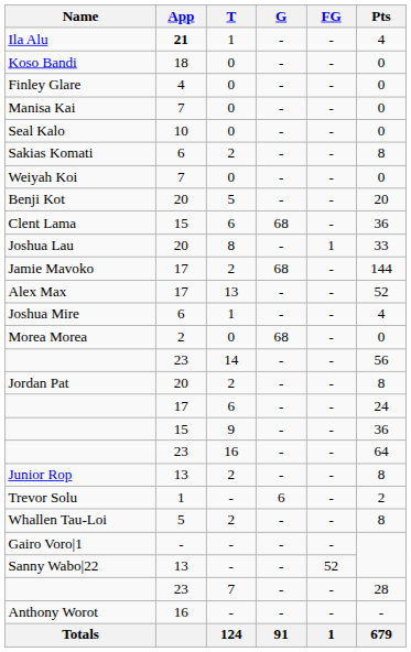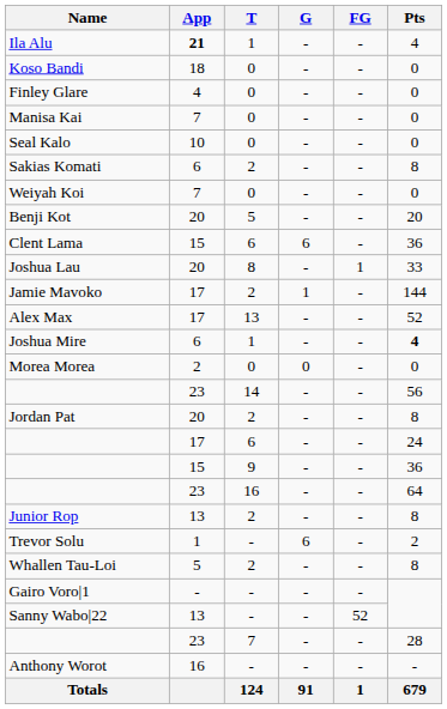 <table class="wikitable sortable" style="text-align: center;">
 <tr>
 <th style="width:10em">Name</th>
 <th style="width:3em"><a href='#'>App</a></th>
 <th style="width:3em"><a href='#'>T</a></th>
 <th style="width:3em"><a href='#'>G</a></th>
 <th style="width:3em"><a href='#'>FG</a></th>
 <th style="width:3em">Pts</th>
 </tr>
 <tr>
 <td style="text-align:left;"><a href='#'>Ila Alu</a></td>
 <td><strong>21</strong></td>
 <td>1</td>
 <td>-</td>
 <td>-</td>
 <td>4</td>
 </tr>
 <tr>
 <td style="text-align:left;"><a href='#'>Koso Bandi</a></td>
 <td>18</td>
 <td>0</td>
 <td>-</td>
 <td>-</td>
 <td>0</td>
 </tr>
 <tr>
 <td style="text-align:left;">Finley Glare</td>
 <td>4</td>
 <td>0</td>
 <td>-</td>
 <td>-</td>
 <td>0</td>
 </tr>
 <tr>
 <td style="text-align:left;">Manisa Kai</td>
 <td>7</td>
 <td>0</td>
 <td>-</td>
 <td>-</td>
 <td>0</td>
 </tr>
 <tr>
 <td style="text-align:left;">Seal Kalo</td>
 <td>10</td>
 <td>0</td>
 <td>-</td>
 <td>-</td>
 <td>0</td>
 </tr>
 <tr>
 <td style="text-align:left;">Sakias Komati</td>
 <td>6</td>
 <td>2</td>
 <td>-</td>
 <td>-</td>
 <td>8</td>
 </tr>
 <tr>
 <td style="text-align:left;">Weiyah Koi</td>
 <td>7</td>
 <td>0</td>
 <td>-</td>
 <td>-</td>
 <td>0</td>
 </tr>
 <tr>
 <td style="text-align:left;">Benji Kot</td>
 <td>20</td>
 <td>5</td>
 <td>-</td>
 <td>-</td>
 <td>20</td>
 </tr>
 <tr>
 <td style="text-align:left;">Clent Lama</td>
 <td>15</td>
 <td>6</td>
-<td>68</td>
+<td>6</td>
 <td>-</td>
 <td>36</td>
 </tr>
 <tr>
 <td style="text-align:left;">Joshua Lau</td>
 <td>20</td>
 <td>8</td>
 <td>-</td>
 <td>1</td>
 <td>33</td>
 </tr>
 <tr>
 <td style="text-align:left;">Jamie Mavoko</td>
 <td>17</td>
 <td>2</td>
-<td>68</td>
+<td>1</td>
 <td>-</td>
 <td>144</td>
 </tr>
 <tr>
 <td style="text-align:left;">Alex Max</td>
 <td>17</td>
 <td>13</td>
 <td>-</td>
 <td>-</td>
 <td>52</td>
 </tr>
 <tr>
 <td style="text-align:left;">Joshua Mire</td>
 <td>6</td>
 <td>1</td>
 <td>-</td>
 <td>-</td>
-<td>4</td>
+<td><strong>4</strong></td>
 </tr>
 <tr>
 <td style="text-align:left;">Morea Morea</td>
 <td>2</td>
 <td>0</td>
-<td>68</td>
+<td>0</td>
 <td>-</td>
 <td>0</td>
 </tr>
 <tr>
 <td style="text-align:left;"></td>
 <td>23</td>
 <td>14</td>
 <td>-</td>
 <td>-</td>
 <td>56</td>
 </tr>
 <tr>
 <td style="text-align:left;">Jordan Pat</td>
 <td>20</td>
 <td>2</td>
 <td>-</td>
 <td>-</td>
 <td>8</td>
 </tr>
 <tr>
 <td style="text-align:left;"></td>
 <td>17</td>
 <td>6</td>
 <td>-</td>
 <td>-</td>
 <td>24</td>
 </tr>
 <tr>
 <td style="text-align:left;"></td>
 <td>15</td>
 <td>9</td>
 <td>-</td>
 <td>-</td>
 <td>36</td>
 </tr>
 <tr>
 <td style="text-align:left;"></td>
 <td>23</td>
 <td>16</td>
 <td>-</td>
 <td>-</td>
 <td>64</td>
 </tr>
 <tr>
 <td style="text-align:left;"><a href='#'>Junior Rop</a></td>
 <td>13</td>
 <td>2</td>
 <td>-</td>
 <td>-</td>
 <td>8</td>
 </tr>
 <tr>
 <td style="text-align:left;">Trevor Solu</td>
 <td>1</td>
 <td>-</td>
 <td>6</td>
 <td>-</td>
 <td>2</td>
 </tr>
 <tr>
 <td style="text-align:left;">Whallen Tau-Loi</td>
 <td>5</td>
 <td>2</td>
 <td>-</td>
 <td>-</td>
 <td>8</td>
 </tr>
 <tr>
 <td style="text-align:left;">Gairo Voro|1</td>
 <td>-</td>
 <td>-</td>
 <td>-</td>
 <td>-</td>
 </tr>
 <tr>
 <td style="text-align:left;">Sanny Wabo|22</td>
 <td>13</td>
 <td>-</td>
 <td>-</td>
 <td>52</td>
 </tr>
 <tr>
 <td style="text-align:left;"></td>
 <td>23</td>
 <td>7</td>
 <td>-</td>
 <td>-</td>
 <td>28</td>
 </tr>
 <tr>
 <td style="text-align:left;">Anthony Worot</td>
 <td>16</td>
 <td>-</td>
 <td>-</td>
 <td>-</td>
 <td>-</td>
 </tr>
 <tr class="sortbottom">
 <th>Totals</th>
 <th></th>
 <th>124</th>
 <th>91</th>
 <th>1</th>
 <th>679</th>
 </tr>
 </table>
